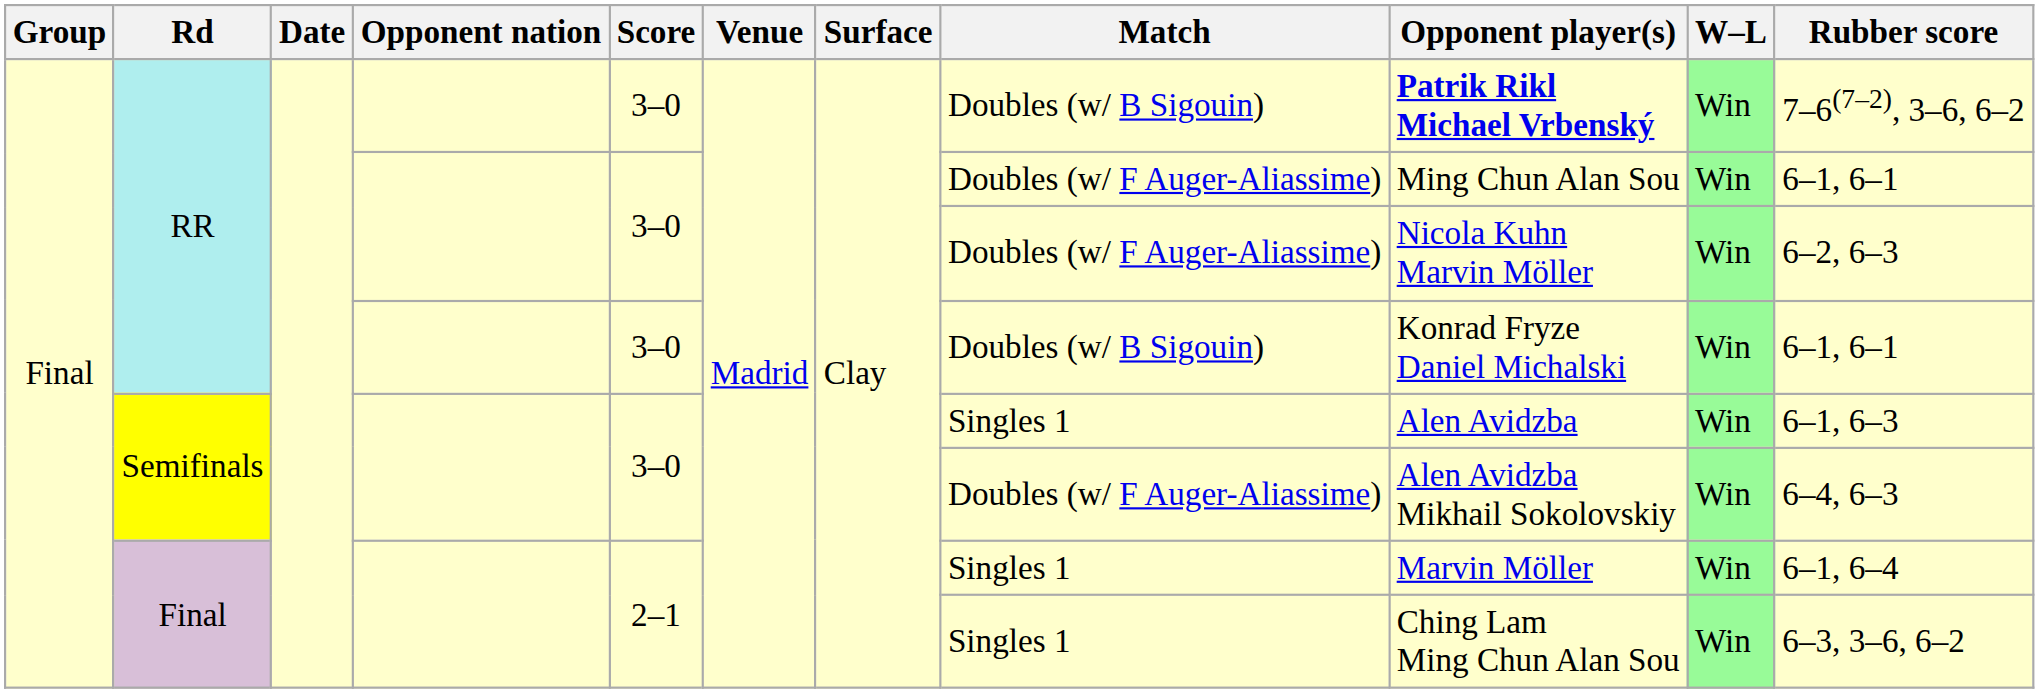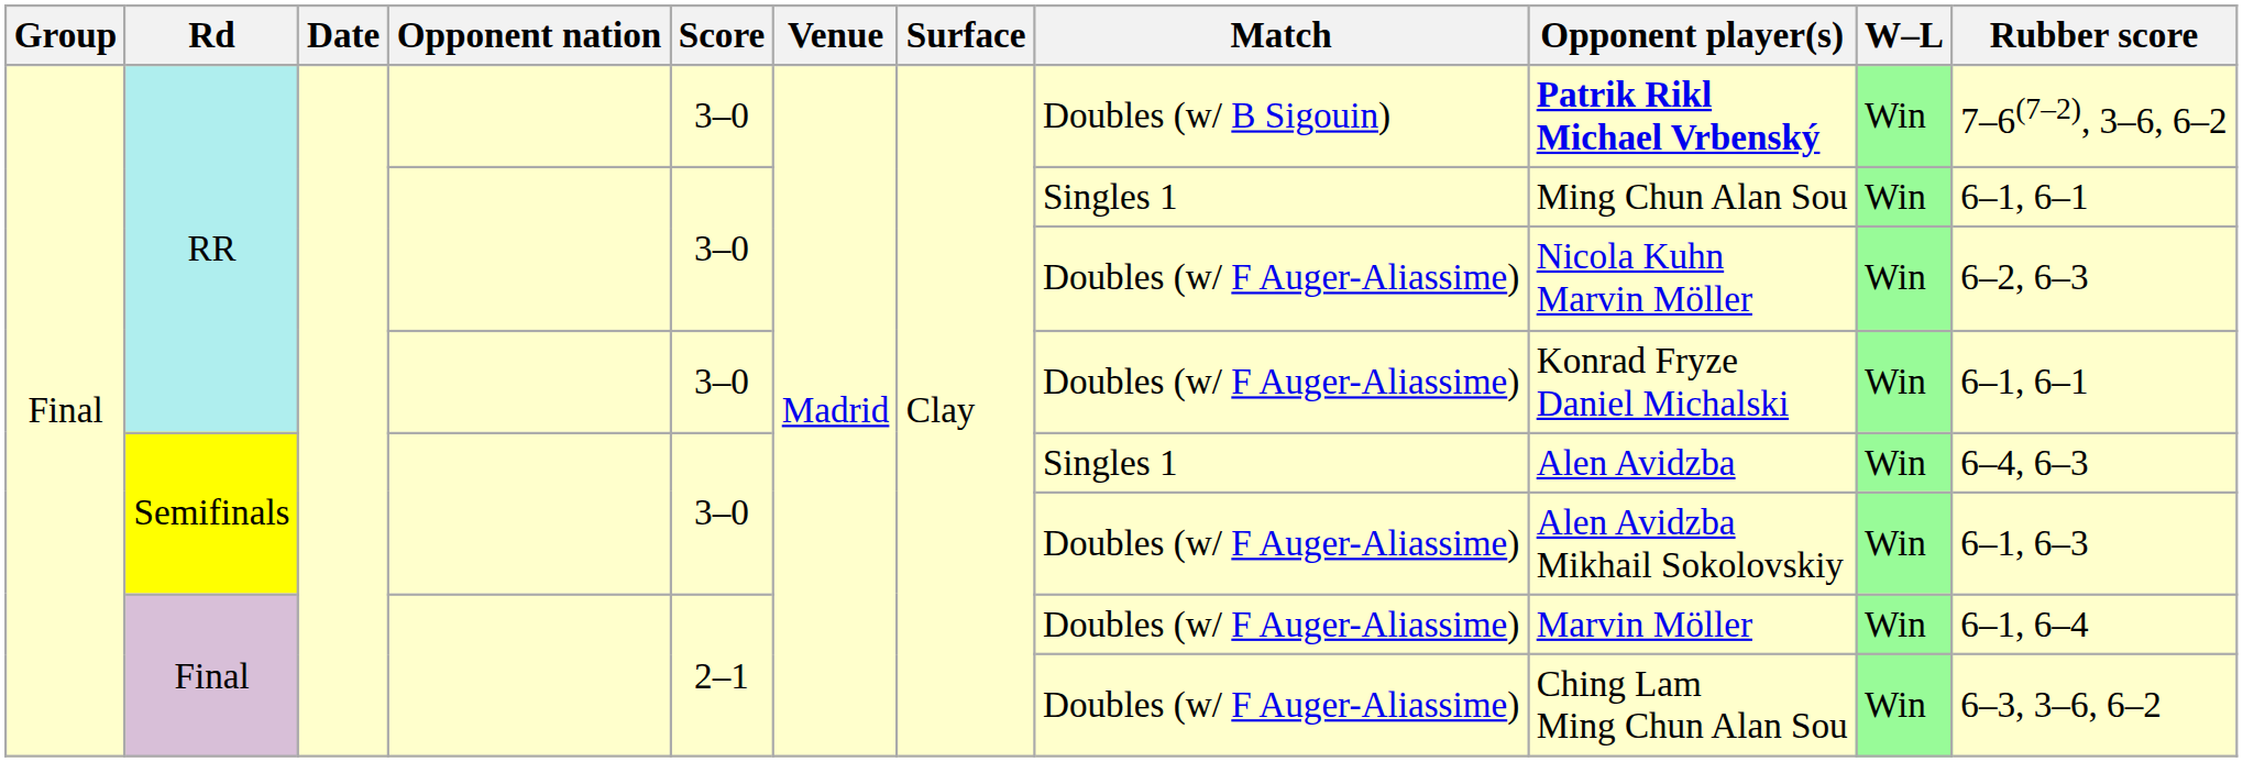 <table class="sortable wikitable" style=font-size:96%>
 <tr>
 <th scope="col" class="unsortable">Group</th>
 <th scope="col">Rd</th>
 <th scope="col" class="unsortable">Date</th>
 <th scope="col">Opponent nation</th>
 <th scope="col">Score</th>
 <th scope="col" class="unsortable">Venue</th>
 <th scope="col" class="unsortable">Surface</th>
 <th scope="col">Match</th>
 <th scope="col">Opponent player(s)</th>
 <th scope="col" class="unsortable">W–L</th>
 <th scope="col" class="unsortable">Rubber score</th>
 </tr>
 <tr style="background:#ffffcc;">
 <td rowspan="8" style="text-align:center;">Final</td>
 <td align="center" style="background:#afeeee;" rowspan=4>RR</td>
 <td rowspan="8"></td>
 <td></td>
 <td style="text-align:center;">3–0</td>
 <td rowspan="8"><a href='#'>Madrid</a></td>
 <td rowspan="8">Clay</td>
 <td>Doubles (w/ <a href='#'>B Sigouin</a>)</td>
 <td data-sort-value="Rikl, P"><strong><a href='#'>Patrik Rikl</a><br><a href='#'>Michael Vrbenský</a></strong></td>
 <td style="background:#98fb98;">Win</td>
 <td>7–6<sup>(7–2)</sup>, 3–6, 6–2</td>
 </tr>
 <tr style="background:#ffffcc;">
 <td rowspan="2"></td>
 <td rowspan="2" style="text-align:center;">3–0</td>
-<td>Doubles (w/ <a href='#'>F Auger-Aliassime</a>)</td>
+<td>Singles 1</td>
 <td data-sort-value="Sou, M">Ming Chun Alan Sou</td>
 <td style="background:#98fb98;">Win</td>
 <td>6–1, 6–1</td>
 </tr>
 <tr style="background:#ffffcc;">
 <td>Doubles (w/ <a href='#'>F Auger-Aliassime</a>)</td>
 <td data-sort-value="Kuhn, N"><a href='#'>Nicola Kuhn</a><br><a href='#'>Marvin Möller</a></td>
 <td style="background:#98fb98;">Win</td>
 <td>6–2, 6–3</td>
 </tr>
 <tr style="background:#ffffcc;">
 <td></td>
 <td style="text-align:center;">3–0</td>
-<td>Doubles (w/ <a href='#'>B Sigouin</a>)</td>
+<td>Doubles (w/ <a href='#'>F Auger-Aliassime</a>)</td>
 <td data-sort-value="Fryze, K">Konrad Fryze<br><a href='#'>Daniel Michalski</a></td>
 <td style="background:#98fb98;">Win</td>
 <td>6–1, 6–1</td>
 </tr>
 <tr style="background:#ffffcc;">
 <td align="center" style="background:yellow;" rowspan=2>Semifinals</td>
 <td rowspan="2"></td>
 <td rowspan="2" style="text-align:center;">3–0</td>
 <td>Singles 1</td>
 <td data-sort-value="Avidzba, A"><a href='#'>Alen Avidzba</a></td>
 <td style="background:#98fb98;">Win</td>
-<td>6–1, 6–3</td>
+<td>6–4, 6–3</td>
 </tr>
 <tr style="background:#ffffcc;">
 <td>Doubles (w/ <a href='#'>F Auger-Aliassime</a>)</td>
 <td data-sort-value="Avidzba, A"><a href='#'>Alen Avidzba</a><br>Mikhail Sokolovskiy</td>
 <td style="background:#98fb98;">Win</td>
-<td>6–4, 6–3</td>
+<td>6–1, 6–3</td>
 </tr>
 <tr style="background:#ffffcc;">
 <td align="center" style="background:#D8BFD8" rowspan=2>Final</td>
 <td rowspan="2"></td>
 <td rowspan="2" style="text-align:center;">2–1</td>
-<td>Singles 1</td>
+<td>Doubles (w/ <a href='#'>F Auger-Aliassime</a>)</td>
 <td data-sort-value="Möller, M"><a href='#'>Marvin Möller</a></td>
 <td style="background:#98fb98;">Win</td>
 <td>6–1, 6–4</td>
 </tr>
 <tr style="background:#ffffcc;">
-<td>Singles 1</td>
+<td>Doubles (w/ <a href='#'>F Auger-Aliassime</a>)</td>
 <td data-sort-value="Lam, C">Ching Lam<br>Ming Chun Alan Sou</td>
 <td style="background:#98fb98;">Win</td>
 <td>6–3, 3–6, 6–2</td>
 </tr>
 </table>
